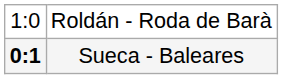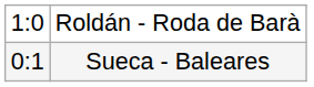 <table class="wikitable">
 <tr align=center bgcolor=white>
 <td>1:0</td>
 <td>Roldán - Roda de Barà</td>
 </tr>
 <tr align=center bgcolor=#F5F5F5>
-<td><strong>0:1</strong></td>
+<td>0:1</td>
 <td>Sueca - Baleares</td>
 </tr>
 </table>
